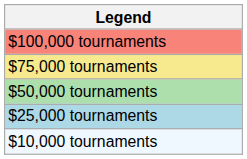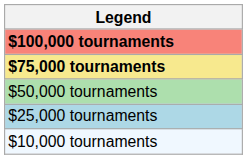 <table class="wikitable"  style="font-size:85%; width:13%;">
 <tr>
 <th>Legend</th>
 </tr>
 <tr style="background:#f88379;">
-<td>$100,000 tournaments</td>
+<td><strong>$100,000 tournaments</strong></td>
 </tr>
 <tr style="background:#f7e98e;">
-<td>$75,000 tournaments</td>
+<td><strong>$75,000 tournaments</strong></td>
 </tr>
 <tr style="background:#addfad;">
 <td>$50,000 tournaments</td>
 </tr>
 <tr style="background:lightblue;">
 <td>$25,000 tournaments</td>
 </tr>
 <tr style="background:#f0f8ff;">
 <td>$10,000 tournaments</td>
 </tr>
 </table>
